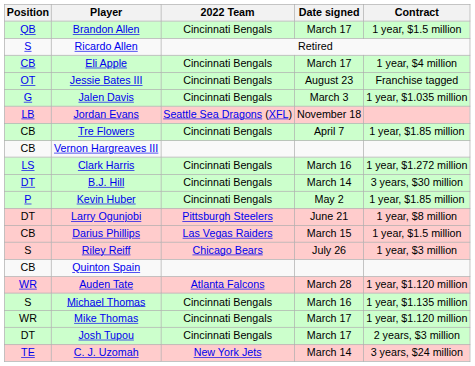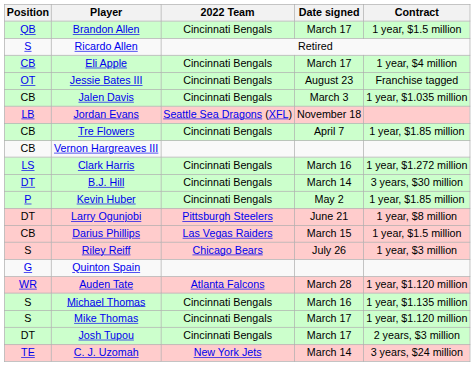 <table class="wikitable" style="text-align:center">
 <tr>
 <th>Position</th>
 <th>Player</th>
 <th>2022 Team</th>
 <th>Date signed</th>
 <th>Contract</th>
 </tr>
 <tr style="background:#cfc;">
 <td><a href='#'>QB</a></td>
 <td><a href='#'>Brandon Allen</a></td>
 <td>Cincinnati Bengals</td>
 <td>March 17</td>
 <td>1 year, $1.5 million</td>
 </tr>
 <tr>
 <td><a href='#'>S</a></td>
 <td><a href='#'>Ricardo Allen</a></td>
 <td colspan="3">Retired</td>
 </tr>
 <tr style="background:#cfc;">
 <td><a href='#'>CB</a></td>
 <td><a href='#'>Eli Apple</a></td>
 <td>Cincinnati Bengals</td>
 <td>March 17</td>
 <td>1 year, $4 million</td>
 </tr>
 <tr style="background:#cfc;">
 <td><a href='#'>OT</a></td>
 <td><a href='#'>Jessie Bates III</a></td>
 <td>Cincinnati Bengals</td>
 <td>August 23</td>
 <td>Franchise tagged</td>
 </tr>
 <tr style="background:#cfc;">
-<td><a href='#'>G</a></td>
+<td>CB</td>
 <td><a href='#'>Jalen Davis</a></td>
 <td>Cincinnati Bengals</td>
 <td>March 3</td>
 <td>1 year, $1.035 million</td>
 </tr>
 <tr style="background:#fcc;">
 <td><a href='#'>LB</a></td>
 <td><a href='#'>Jordan Evans</a></td>
 <td><a href='#'>Seattle Sea Dragons</a> (<a href='#'>XFL</a>)</td>
 <td>November 18</td>
 <td></td>
 </tr>
 <tr style="background:#cfc;">
 <td>CB</td>
 <td><a href='#'>Tre Flowers</a></td>
 <td>Cincinnati Bengals</td>
 <td>April 7</td>
 <td>1 year, $1.85 million</td>
 </tr>
 <tr>
 <td>CB</td>
 <td><a href='#'>Vernon Hargreaves III</a></td>
 <td></td>
 <td></td>
 <td></td>
 </tr>
 <tr style="background:#cfc;">
 <td><a href='#'>LS</a></td>
 <td><a href='#'>Clark Harris</a></td>
 <td>Cincinnati Bengals</td>
 <td>March 16</td>
 <td>1 year, $1.272 million</td>
 </tr>
 <tr style="background:#cfc;">
 <td><a href='#'>DT</a></td>
 <td><a href='#'>B.J. Hill</a></td>
 <td>Cincinnati Bengals</td>
 <td>March 14</td>
 <td>3 years, $30 million</td>
 </tr>
 <tr style="background:#cfc;">
 <td><a href='#'>P</a></td>
 <td><a href='#'>Kevin Huber</a></td>
 <td>Cincinnati Bengals</td>
 <td>May 2</td>
 <td>1 year, $1.85 million</td>
 </tr>
 <tr style="background:#fcc;">
 <td>DT</td>
 <td><a href='#'>Larry Ogunjobi</a></td>
 <td><a href='#'>Pittsburgh Steelers</a></td>
 <td>June 21</td>
 <td>1 year, $8 million</td>
 </tr>
 <tr style="background:#fcc;">
 <td>CB</td>
 <td><a href='#'>Darius Phillips</a></td>
 <td><a href='#'>Las Vegas Raiders</a></td>
 <td>March 15</td>
 <td>1 year, $1.5 million</td>
 </tr>
 <tr style="background:#fcc;">
 <td>S</td>
 <td><a href='#'>Riley Reiff</a></td>
 <td><a href='#'>Chicago Bears</a></td>
 <td>July 26</td>
 <td>1 year, $3 million</td>
 </tr>
 <tr>
-<td>CB</td>
+<td><a href='#'>G</a></td>
 <td><a href='#'>Quinton Spain</a></td>
 <td></td>
 <td></td>
 <td></td>
 </tr>
 <tr style="background:#fcc;">
 <td><a href='#'>WR</a></td>
 <td><a href='#'>Auden Tate</a></td>
 <td><a href='#'>Atlanta Falcons</a></td>
 <td>March 28</td>
 <td>1 year, $1.120 million</td>
 </tr>
 <tr style="background:#cfc;">
 <td>S</td>
 <td><a href='#'>Michael Thomas</a></td>
 <td>Cincinnati Bengals</td>
 <td>March 16</td>
 <td>1 year, $1.135 million</td>
 </tr>
 <tr style="background:#cfc;">
-<td>WR</td>
+<td>S</td>
 <td><a href='#'>Mike Thomas</a></td>
 <td>Cincinnati Bengals</td>
 <td>March 17</td>
 <td>1 year, $1.120 million</td>
 </tr>
 <tr style="background:#cfc;">
 <td>DT</td>
 <td><a href='#'>Josh Tupou</a></td>
 <td>Cincinnati Bengals</td>
 <td>March 17</td>
 <td>2 years, $3 million</td>
 </tr>
 <tr style="background:#fcc;">
 <td><a href='#'>TE</a></td>
 <td><a href='#'>C. J. Uzomah</a></td>
 <td><a href='#'>New York Jets</a></td>
 <td>March 14</td>
 <td>3 years, $24 million</td>
 </tr>
 </table>
